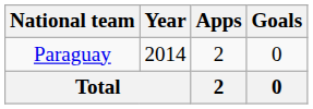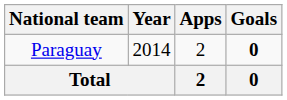 <table class="wikitable" style="text-align: center;">
 <tr>
 <th>National team</th>
 <th>Year</th>
 <th>Apps</th>
 <th>Goals</th>
 </tr>
 <tr>
 <td><a href='#'>Paraguay</a></td>
 <td>2014</td>
 <td>2</td>
-<td>0</td>
+<td><strong>0</strong></td>
 </tr>
 <tr>
 <th colspan="2">Total</th>
 <th>2</th>
 <th>0</th>
 </tr>
 </table>
